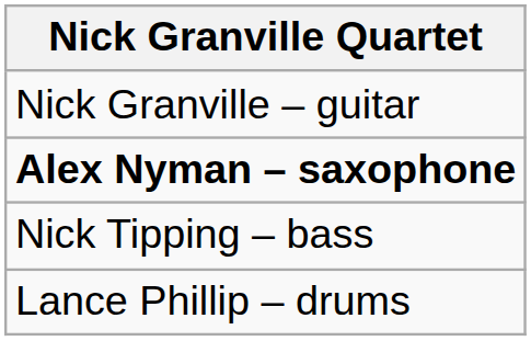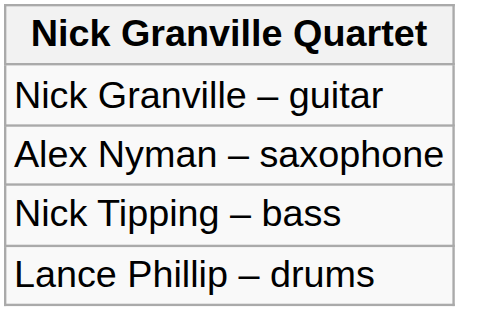 <table class="wikitable">
 <tr>
 <th>Nick Granville Quartet</th>
 </tr>
 <tr>
 <td>Nick Granville – guitar</td>
 </tr>
 <tr>
-<td><strong>Alex Nyman – saxophone</strong></td>
+<td>Alex Nyman – saxophone</td>
 </tr>
 <tr>
 <td>Nick Tipping – bass</td>
 </tr>
 <tr>
 <td>Lance Phillip – drums</td>
 </tr>
 </table>
